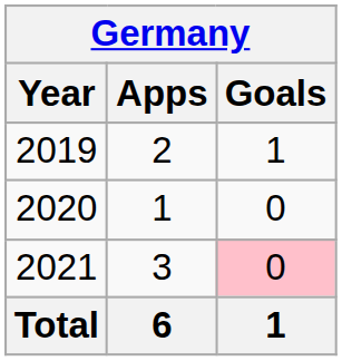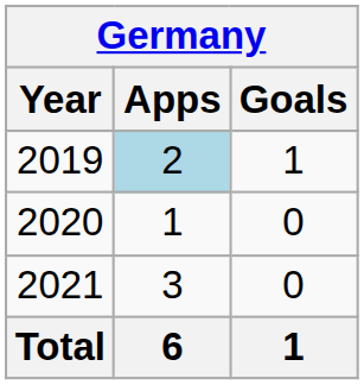 <table class="wikitable" style="text-align:center">
 <tr>
 <th colspan=3><a href='#'>Germany</a></th>
 </tr>
 <tr>
 <th>Year</th>
 <th>Apps</th>
 <th>Goals</th>
 </tr>
 <tr>
 <td>2019</td>
-<td>2</td>
+<td style="background: lightblue;">2</td>
 <td>1</td>
 </tr>
 <tr>
 <td>2020</td>
 <td>1</td>
 <td>0</td>
 </tr>
 <tr>
 <td>2021</td>
 <td>3</td>
-<td style="background: pink;">0</td>
+<td>0</td>
 </tr>
 <tr>
 <th>Total</th>
 <th>6</th>
 <th>1</th>
 </tr>
 </table>
